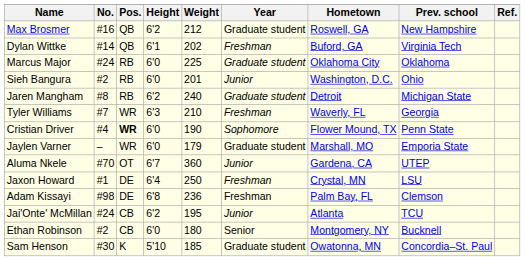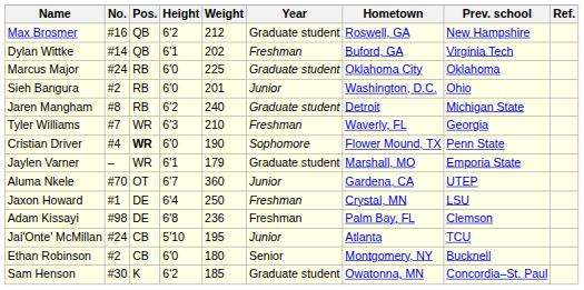 <table class="wikitable sortable sortable">
 <tr>
 </tr>
 <tr>
 <th style="text-align:center; ">Name</th>
 <th style="text-align:center; ">No.</th>
 <th style="text-align:center; ">Pos.</th>
 <th style="text-align:center; ">Height</th>
 <th style="text-align:center; ">Weight</th>
 <th style="text-align:center; ">Year</th>
 <th style="text-align:center; ">Hometown</th>
 <th style="text-align:center; ">Prev. school</th>
 <th style="text-align:center; ">Ref.</th>
 </tr>
 <tr style="background:#FFFFE6;">
 <td><a href='#'>Max Brosmer</a></td>
 <td>#16</td>
 <td>QB</td>
 <td>6'2</td>
 <td>212</td>
 <td>Graduate student</td>
 <td><a href='#'>Roswell, GA</a></td>
 <td><a href='#'>New Hampshire</a></td>
 <td></td>
 </tr>
 <tr style="background:#FFFFE6;">
 <td>Dylan Wittke</td>
 <td>#14</td>
 <td>QB</td>
 <td>6'1</td>
 <td>202</td>
 <td><em> Freshman</em></td>
 <td><a href='#'>Buford, GA</a></td>
 <td><a href='#'>Virginia Tech</a></td>
 <td></td>
 </tr>
 <tr style="background:#FFFFE6;">
 <td>Marcus Major</td>
 <td>#24</td>
 <td>RB</td>
 <td>6'0</td>
 <td>225</td>
 <td><em> Graduate student</em></td>
 <td><a href='#'>Oklahoma City</a></td>
 <td><a href='#'>Oklahoma</a></td>
 <td></td>
 </tr>
 <tr style="background:#FFFFE6;">
 <td>Sieh Bangura</td>
 <td>#2</td>
 <td>RB</td>
 <td>6'0</td>
 <td>201</td>
 <td><em> Junior</em></td>
 <td><a href='#'>Washington, D.C.</a></td>
 <td><a href='#'>Ohio</a></td>
 <td></td>
 </tr>
 <tr style="background:#FFFFE6;">
 <td>Jaren Mangham</td>
 <td>#8</td>
 <td>RB</td>
 <td>6'2</td>
 <td>240</td>
 <td><em> Graduate student</em></td>
 <td><a href='#'>Detroit</a></td>
 <td><a href='#'>Michigan State</a></td>
 <td></td>
 </tr>
 <tr style="background:#FFFFE6;">
 <td>Tyler Williams</td>
 <td>#7</td>
 <td>WR</td>
 <td>6'3</td>
 <td>210</td>
 <td><em> Freshman</em></td>
 <td><a href='#'>Waverly, FL</a></td>
 <td><a href='#'>Georgia</a></td>
 <td></td>
 </tr>
 <tr style="background:#FFFFE6;">
 <td>Cristian Driver</td>
 <td>#4</td>
 <td><strong>WR</strong></td>
 <td>6'0</td>
 <td>190</td>
 <td><em> Sophomore</em></td>
 <td><a href='#'>Flower Mound, TX</a></td>
 <td><a href='#'>Penn State</a></td>
 <td></td>
 </tr>
 <tr style="background:#FFFFE6;">
 <td>Jaylen Varner</td>
 <td>–</td>
 <td>WR</td>
-<td>6'0</td>
+<td>6'1</td>
 <td>179</td>
 <td>Graduate student</td>
 <td><a href='#'>Marshall, MO</a></td>
 <td><a href='#'>Emporia State</a></td>
 <td></td>
 </tr>
 <tr style="background:#FFFFE6;">
 <td>Aluma Nkele</td>
 <td>#70</td>
 <td>OT</td>
 <td>6'7</td>
 <td>360</td>
 <td><em> Junior</em></td>
 <td><a href='#'>Gardena, CA</a></td>
 <td><a href='#'>UTEP</a></td>
 <td></td>
 </tr>
 <tr style="background:#FFFFE6;">
 <td>Jaxon Howard</td>
 <td>#1</td>
 <td>DE</td>
 <td>6'4</td>
 <td>250</td>
 <td><em> Freshman</em></td>
 <td><a href='#'>Crystal, MN</a></td>
 <td><a href='#'>LSU</a></td>
 <td></td>
 </tr>
 <tr style="background:#FFFFE6;">
 <td>Adam Kissayi</td>
 <td>#98</td>
 <td>DE</td>
 <td>6'8</td>
 <td>236</td>
 <td>Freshman</td>
 <td><a href='#'>Palm Bay, FL</a></td>
 <td><a href='#'>Clemson</a></td>
 <td></td>
 </tr>
 <tr style="background:#FFFFE6;">
 <td>Jai'Onte' McMillan</td>
 <td>#24</td>
 <td>CB</td>
-<td>6'2</td>
+<td>5'10</td>
 <td>195</td>
 <td><em> Junior</em></td>
 <td><a href='#'>Atlanta</a></td>
 <td><a href='#'>TCU</a></td>
 <td></td>
 </tr>
 <tr style="background:#FFFFE6;">
 <td>Ethan Robinson</td>
 <td>#2</td>
 <td>CB</td>
 <td>6'0</td>
 <td>180</td>
 <td>Senior</td>
 <td><a href='#'>Montgomery, NY</a></td>
 <td><a href='#'>Bucknell</a></td>
 <td></td>
 </tr>
 <tr style="background:#FFFFE6;">
 <td>Sam Henson</td>
 <td>#30</td>
 <td>K</td>
-<td>5'10</td>
+<td>6'2</td>
 <td>185</td>
 <td>Graduate student</td>
 <td><a href='#'>Owatonna, MN</a></td>
 <td><a href='#'>Concordia–St. Paul</a></td>
 <td></td>
 </tr>
 </table>
